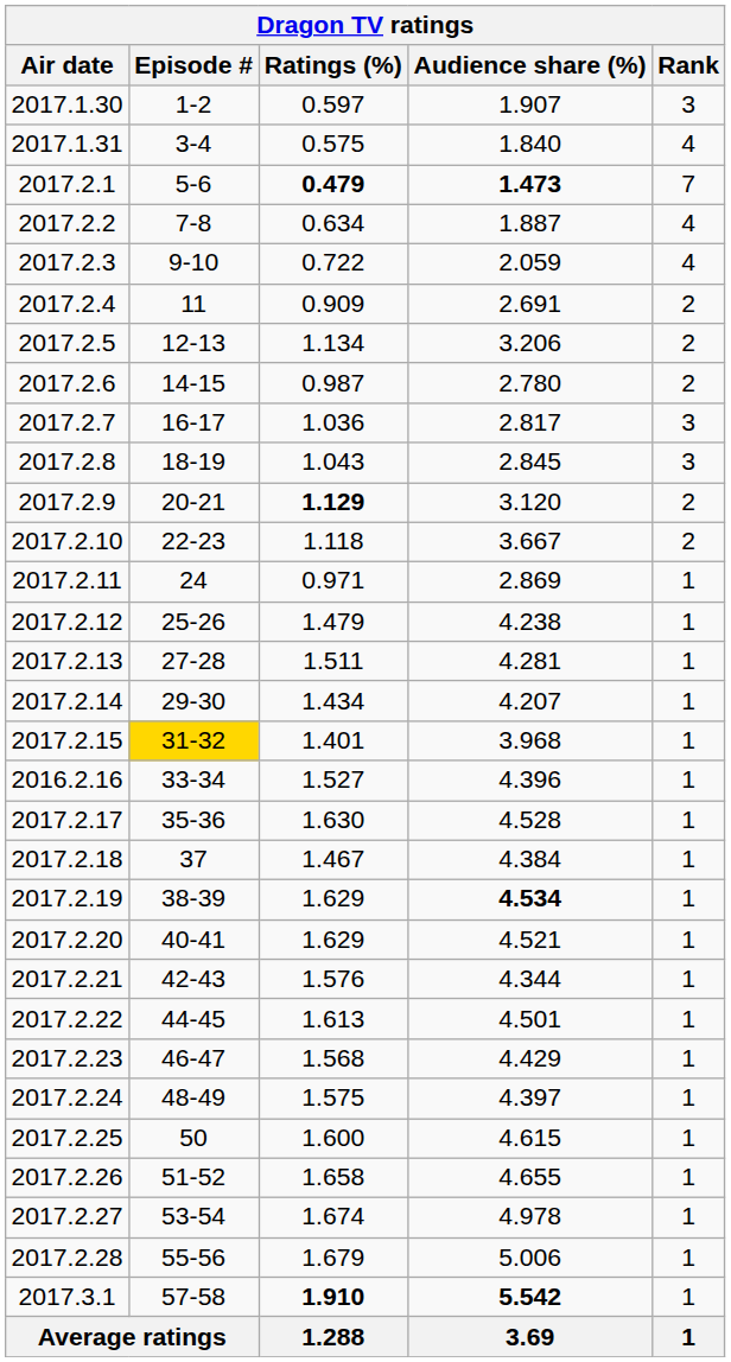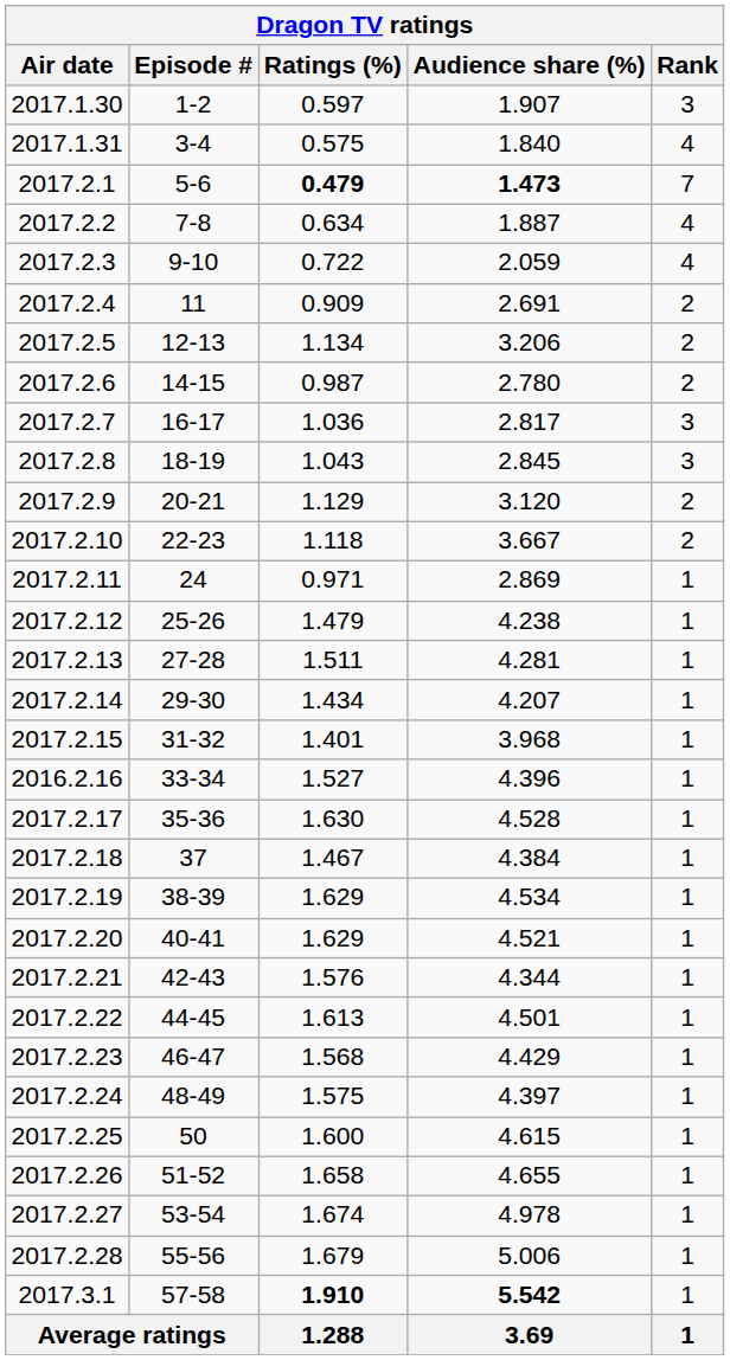 <table class="wikitable sortable mw-collapsible jquery-tablesorter" style="text-align:center">
 <tr>
 <th colspan="5"><a href='#'>Dragon TV</a> ratings</th>
 </tr>
 <tr>
 <th>Air date</th>
 <th>Episode #</th>
 <th>Ratings (%)</th>
 <th>Audience share (%)</th>
 <th>Rank</th>
 </tr>
 <tr>
 <td>2017.1.30</td>
 <td>1-2</td>
 <td>0.597</td>
 <td>1.907</td>
 <td>3</td>
 </tr>
 <tr>
 <td>2017.1.31</td>
 <td>3-4</td>
 <td>0.575</td>
 <td>1.840</td>
 <td>4</td>
 </tr>
 <tr>
 <td>2017.2.1</td>
 <td>5-6</td>
 <td><strong><span>0.479</span></strong></td>
 <td><strong><span>1.473</span></strong></td>
 <td>7</td>
 </tr>
 <tr>
 <td>2017.2.2</td>
 <td>7-8</td>
 <td>0.634</td>
 <td>1.887</td>
 <td>4</td>
 </tr>
 <tr>
 <td>2017.2.3</td>
 <td>9-10</td>
 <td>0.722</td>
 <td>2.059</td>
 <td>4</td>
 </tr>
 <tr>
 <td>2017.2.4</td>
 <td>11</td>
 <td>0.909</td>
 <td>2.691</td>
 <td>2</td>
 </tr>
 <tr>
 <td>2017.2.5</td>
 <td>12-13</td>
 <td>1.134</td>
 <td>3.206</td>
 <td>2</td>
 </tr>
 <tr>
 <td>2017.2.6</td>
 <td>14-15</td>
 <td>0.987</td>
 <td>2.780</td>
 <td>2</td>
 </tr>
 <tr>
 <td>2017.2.7</td>
 <td>16-17</td>
 <td>1.036</td>
 <td>2.817</td>
 <td>3</td>
 </tr>
 <tr>
 <td>2017.2.8</td>
 <td>18-19</td>
 <td>1.043</td>
 <td>2.845</td>
 <td>3</td>
 </tr>
 <tr>
 <td>2017.2.9</td>
 <td>20-21</td>
-<td><strong>1.129</strong></td>
+<td>1.129</td>
 <td>3.120</td>
 <td>2</td>
 </tr>
 <tr>
 <td>2017.2.10</td>
 <td>22-23</td>
 <td>1.118</td>
 <td>3.667</td>
 <td>2</td>
 </tr>
 <tr>
 <td>2017.2.11</td>
 <td>24</td>
 <td>0.971</td>
 <td>2.869</td>
 <td>1</td>
 </tr>
 <tr>
 <td>2017.2.12</td>
 <td>25-26</td>
 <td>1.479</td>
 <td>4.238</td>
 <td>1</td>
 </tr>
 <tr>
 <td>2017.2.13</td>
 <td>27-28</td>
 <td>1.511</td>
 <td>4.281</td>
 <td>1</td>
 </tr>
 <tr>
 <td>2017.2.14</td>
 <td>29-30</td>
 <td>1.434</td>
 <td>4.207</td>
 <td>1</td>
 </tr>
 <tr>
 <td>2017.2.15</td>
-<td style="background: gold;">31-32</td>
+<td>31-32</td>
 <td>1.401</td>
 <td>3.968</td>
 <td>1</td>
 </tr>
 <tr>
 <td>2016.2.16</td>
 <td>33-34</td>
 <td>1.527</td>
 <td>4.396</td>
 <td>1</td>
 </tr>
 <tr>
 <td>2017.2.17</td>
 <td>35-36</td>
 <td>1.630</td>
 <td>4.528</td>
 <td>1</td>
 </tr>
 <tr>
 <td>2017.2.18</td>
 <td>37</td>
 <td>1.467</td>
 <td>4.384</td>
 <td>1</td>
 </tr>
 <tr>
 <td>2017.2.19</td>
 <td>38-39</td>
 <td>1.629</td>
-<td><strong>4.534</strong></td>
+<td>4.534</td>
 <td>1</td>
 </tr>
 <tr>
 <td>2017.2.20</td>
 <td>40-41</td>
 <td>1.629</td>
 <td>4.521</td>
 <td>1</td>
 </tr>
 <tr>
 <td>2017.2.21</td>
 <td>42-43</td>
 <td>1.576</td>
 <td>4.344</td>
 <td>1</td>
 </tr>
 <tr>
 <td>2017.2.22</td>
 <td>44-45</td>
 <td>1.613</td>
 <td>4.501</td>
 <td>1</td>
 </tr>
 <tr>
 <td>2017.2.23</td>
 <td>46-47</td>
 <td>1.568</td>
 <td>4.429</td>
 <td>1</td>
 </tr>
 <tr>
 <td>2017.2.24</td>
 <td>48-49</td>
 <td>1.575</td>
 <td>4.397</td>
 <td>1</td>
 </tr>
 <tr>
 <td>2017.2.25</td>
 <td>50</td>
 <td>1.600</td>
 <td>4.615</td>
 <td>1</td>
 </tr>
 <tr>
 <td>2017.2.26</td>
 <td>51-52</td>
 <td>1.658</td>
 <td>4.655</td>
 <td>1</td>
 </tr>
 <tr>
 <td>2017.2.27</td>
 <td>53-54</td>
 <td>1.674</td>
 <td>4.978</td>
 <td>1</td>
 </tr>
 <tr>
 <td>2017.2.28</td>
 <td>55-56</td>
 <td>1.679</td>
 <td>5.006</td>
 <td>1</td>
 </tr>
 <tr>
 <td>2017.3.1</td>
 <td>57-58</td>
 <td><strong><span>1.910</span></strong></td>
 <td><span><span><strong>5.542</strong></span></span></td>
 <td>1</td>
 </tr>
 <tr>
 <th colspan="2" rowspan="1">Average ratings</th>
 <th colspan="1" rowspan="1">1.288</th>
 <th colspan="1" rowspan="1">3.69</th>
 <th colspan="1" rowspan="1">1</th>
 </tr>
 </table>
